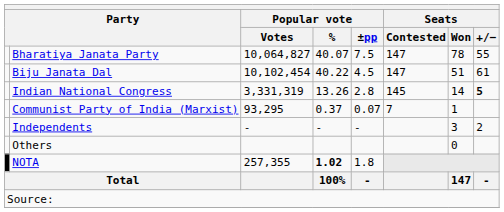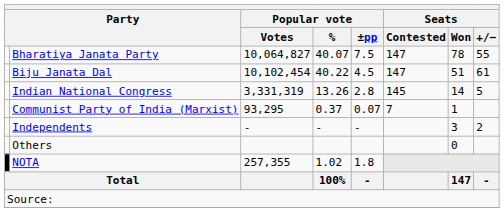 <table class="wikitable sortable">
 <tr>
 <th colspan=10></th>
 </tr>
 <tr valign="top">
 <th colspan="2" rowspan="2">Party</th>
 <th colspan="3">Popular vote</th>
 <th colspan="3">Seats</th>
 </tr>
 <tr>
 <th>Votes</th>
 <th>%</th>
 <th>±<a href='#'>pp</a></th>
 <th>Contested</th>
 <th>Won</th>
 <th><strong>+/−</strong></th>
 </tr>
 <tr>
 <td></td>
 <td><a href='#'>Bharatiya Janata Party</a></td>
 <td>10,064,827</td>
 <td>40.07</td>
 <td>7.5</td>
 <td>147</td>
 <td>78</td>
 <td>55</td>
 </tr>
 <tr>
 <td></td>
 <td><a href='#'>Biju Janata Dal</a></td>
 <td>10,102,454</td>
 <td>40.22</td>
 <td>4.5</td>
 <td>147</td>
 <td>51</td>
 <td>61</td>
 </tr>
 <tr>
 <td></td>
 <td><a href='#'>Indian National Congress</a></td>
 <td>3,331,319</td>
 <td>13.26</td>
 <td>2.8</td>
 <td>145</td>
 <td>14</td>
-<td><strong>5</strong></td>
+<td>5</td>
 </tr>
 <tr>
 <td></td>
 <td><a href='#'>Communist Party of India (Marxist)</a></td>
 <td>93,295</td>
 <td>0.37</td>
 <td>0.07</td>
 <td>7</td>
 <td>1</td>
 <td></td>
 </tr>
 <tr>
 <td></td>
 <td><a href='#'>Independents</a></td>
 <td>-</td>
 <td>-</td>
 <td>-</td>
 <td></td>
 <td>3</td>
 <td>2</td>
 </tr>
 <tr>
 <td></td>
 <td>Others</td>
 <td></td>
 <td></td>
 <td></td>
 <td></td>
 <td>0</td>
 <td></td>
 </tr>
 <tr>
 <td bgcolor="Black"></td>
 <td><a href='#'>NOTA</a></td>
 <td>257,355</td>
-<td><strong>1.02</strong></td>
+<td>1.02</td>
 <td>1.8</td>
 <th colspan="3" style="background-color:#E9E9E9"></th>
 </tr>
 <tr class=sortbottom>
 <th colspan="2">Total</th>
 <th></th>
 <th>100%</th>
 <th>-</th>
 <th></th>
 <th>147</th>
 <th>-</th>
 </tr>
 <tr class=sortbottom>
 <td colspan=10>Source:</td>
 </tr>
 <tr>
 </tr>
 </table>
